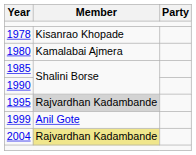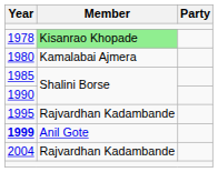 <table class=wikitable>
 <tr>
 <th>Year</th>
 <th>Member</th>
 <th colspan="2">Party</th>
 </tr>
 <tr>
 <td colspan="4"></td>
 </tr>
 <tr>
 <td><a href='#'>1978</a></td>
-<td>Kisanrao Khopade</td>
+<td style="background: lightgreen;">Kisanrao Khopade</td>
 <td></td>
 </tr>
 <tr>
 <td><a href='#'>1980</a></td>
 <td>Kamalabai Ajmera</td>
 </tr>
 <tr>
 <td><a href='#'>1985</a></td>
 <td rowspan="2">Shalini Borse</td>
 <td></td>
 </tr>
 <tr>
 <td><a href='#'>1990</a></td>
 </tr>
 <tr>
 <td><a href='#'>1995</a></td>
-<td style="background: lightgrey;">Rajvardhan Kadambande</td>
+<td>Rajvardhan Kadambande</td>
 <td></td>
 </tr>
 <tr>
-<td><a href='#'>1999</a></td>
+<td><strong><a href='#'>1999</a></strong></td>
 <td><a href='#'>Anil Gote</a></td>
 <td></td>
 </tr>
 <tr>
 <td><a href='#'>2004</a></td>
-<td style="background: khaki;">Rajvardhan Kadambande</td>
+<td>Rajvardhan Kadambande</td>
 <td></td>
 </tr>
 <tr>
 <td colspan="4"></td>
 </tr>
 </table>
